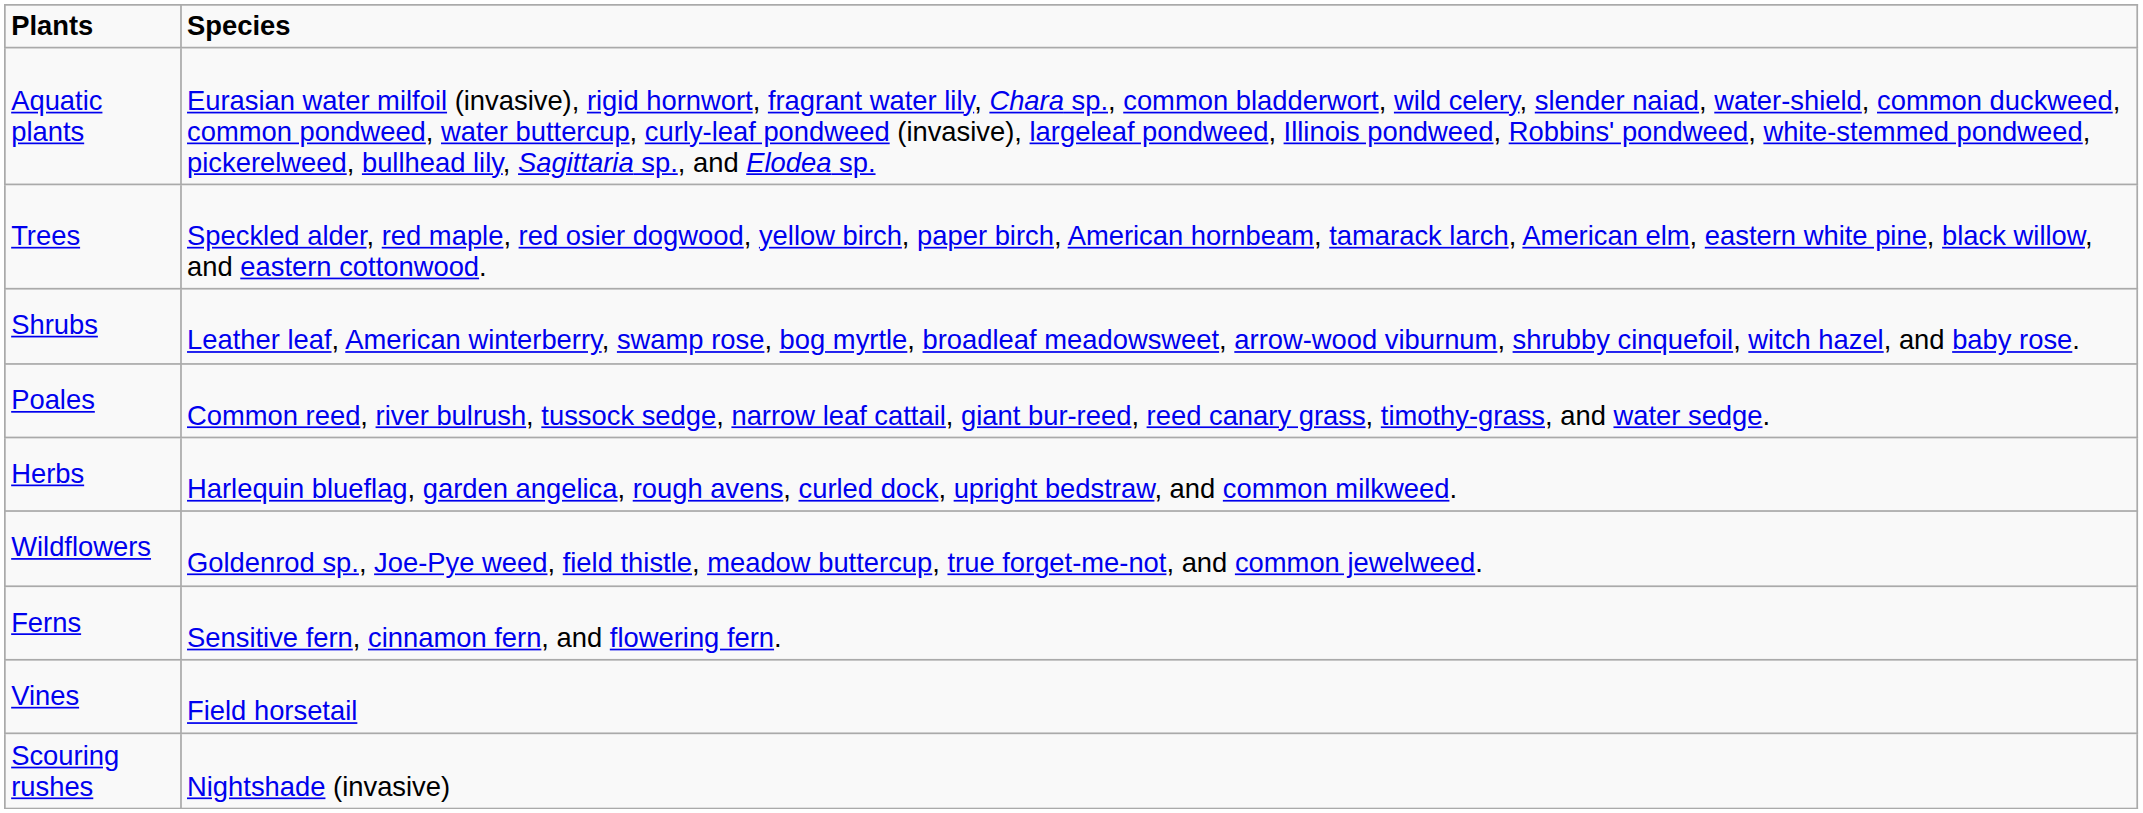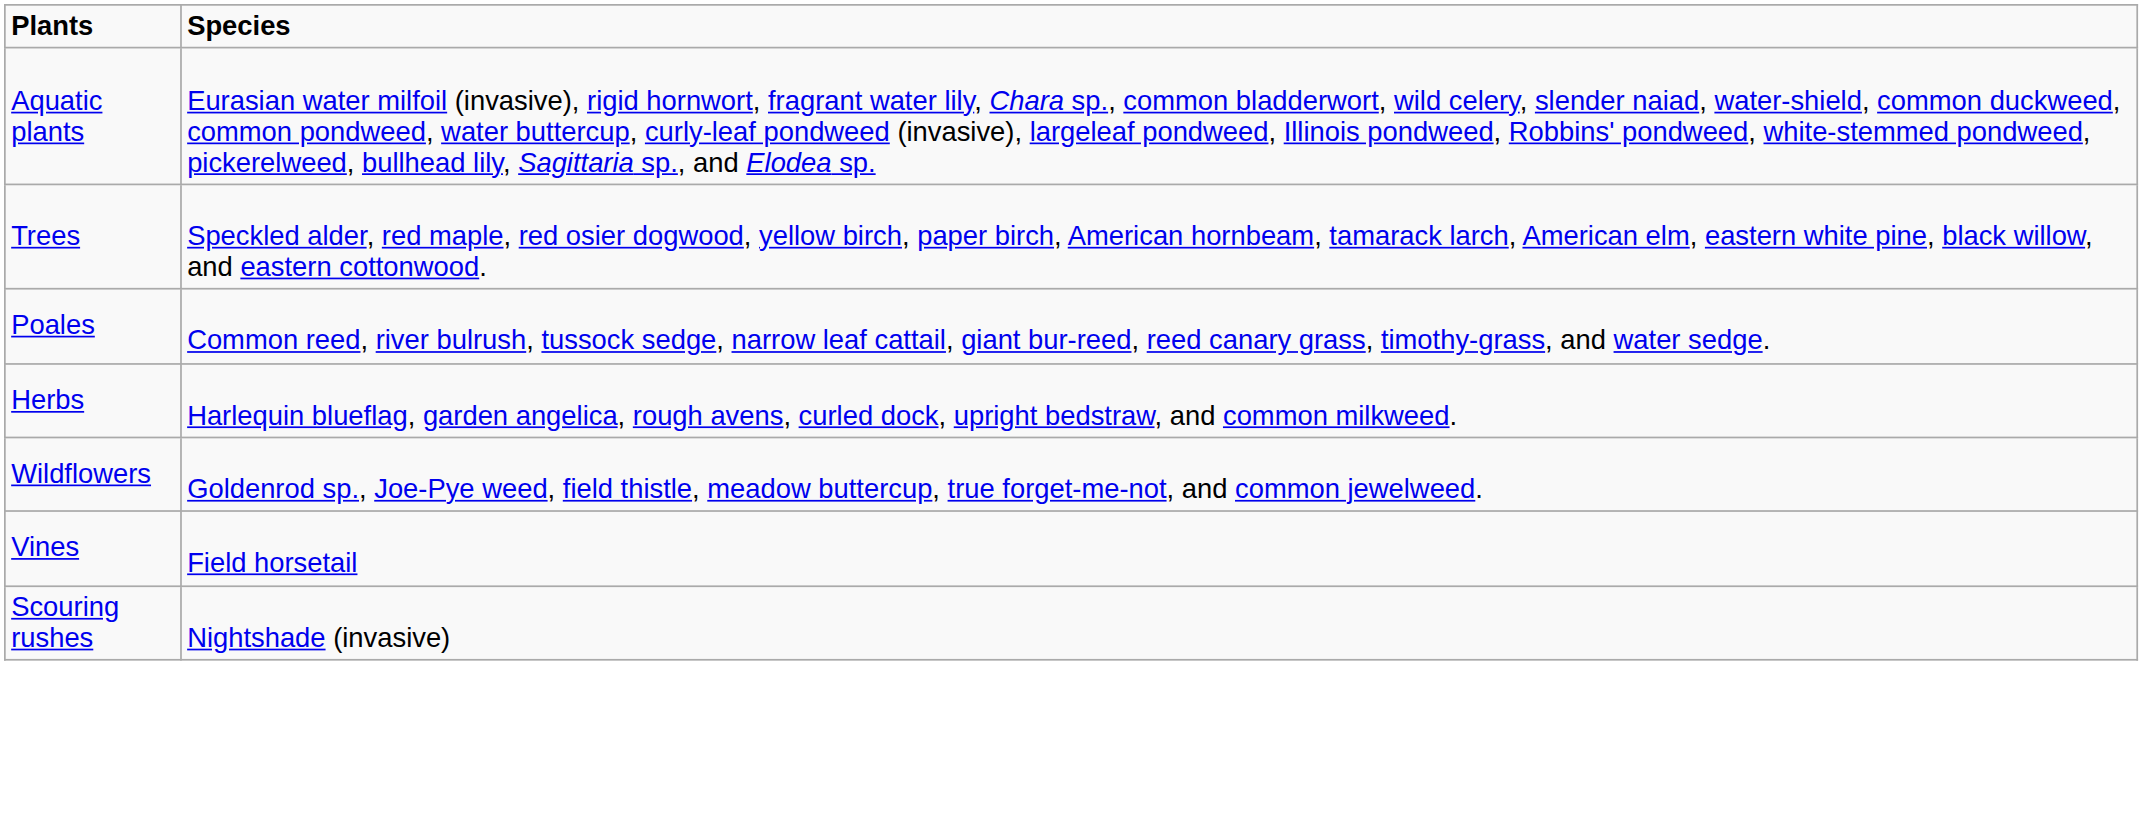 <table class=wikitable>
 <tr>
 <td><strong>Plants</strong></td>
 <td><strong>Species</strong></td>
 </tr>
 <tr>
 <td><a href='#'>Aquatic plants</a></td>
 <td><br><a href='#'>Eurasian water milfoil</a> (invasive), <a href='#'>rigid hornwort</a>,  <a href='#'>fragrant water lily</a>,  <a href='#'><em>Chara</em> sp.</a>,  <a href='#'>common bladderwort</a>,  <a href='#'>wild celery</a>,  <a href='#'>slender naiad</a>,  <a href='#'>water-shield</a>, <a href='#'>common duckweed</a>,  <a href='#'>common pondweed</a>,  <a href='#'>water buttercup</a>,  <a href='#'>curly-leaf pondweed</a> (invasive), <a href='#'>largeleaf pondweed</a>,  <a href='#'>Illinois pondweed</a>,  <a href='#'>Robbins' pondweed</a>,  <a href='#'>white-stemmed pondweed</a>, <a href='#'>pickerelweed</a>,   <a href='#'>bullhead lily</a>, <a href='#'><em>Sagittaria</em> sp.</a>, and  <a href='#'><em>Elodea</em> sp.</a></td>
 </tr>
 <tr>
 <td><a href='#'>Trees</a></td>
 <td><br><a href='#'>Speckled alder</a>, <a href='#'>red maple</a>, <a href='#'>red osier dogwood</a>,   <a href='#'>yellow birch</a>,  <a href='#'>paper birch</a>,  <a href='#'>American hornbeam</a>, <a href='#'>tamarack larch</a>,  <a href='#'>American elm</a>,  <a href='#'>eastern white pine</a>, <a href='#'>black willow</a>, and <a href='#'>eastern cottonwood</a>.</td>
 </tr>
 <tr>
-<td><a href='#'>Shrubs</a></td>
-<td><br><a href='#'>Leather leaf</a>, <a href='#'>American winterberry</a>,  <a href='#'>swamp rose</a>, <a href='#'>bog myrtle</a>,  <a href='#'>broadleaf meadowsweet</a>,  <a href='#'>arrow-wood viburnum</a>, <a href='#'>shrubby cinquefoil</a>, <a href='#'>witch hazel</a>, and <a href='#'>baby rose</a>.</td>
-</tr>
-<tr>
 <td><a href='#'>Poales</a></td>
 <td><br><a href='#'>Common reed</a>,  <a href='#'>river bulrush</a>,  <a href='#'>tussock sedge</a>,  <a href='#'>narrow leaf cattail</a>,  <a href='#'>giant bur-reed</a>, <a href='#'>reed canary grass</a>, <a href='#'>timothy-grass</a>, and  <a href='#'>water sedge</a>.</td>
 </tr>
 <tr>
 <td><a href='#'>Herbs</a></td>
 <td><br><a href='#'>Harlequin blueflag</a>, <a href='#'>garden angelica</a>, <a href='#'>rough avens</a>, <a href='#'>curled dock</a>, <a href='#'>upright bedstraw</a>, and <a href='#'>common milkweed</a>.</td>
 </tr>
 <tr>
 <td><a href='#'>Wildflowers</a></td>
 <td><br><a href='#'>Goldenrod sp.</a>, <a href='#'>Joe-Pye weed</a>, <a href='#'>field thistle</a>,  <a href='#'>meadow buttercup</a>, <a href='#'>true forget-me-not</a>, and  <a href='#'>common jewelweed</a>.</td>
 </tr>
 <tr>
-<td><a href='#'>Ferns</a></td>
-<td><br><a href='#'>Sensitive fern</a>,  <a href='#'>cinnamon fern</a>, and <a href='#'>flowering fern</a>.</td>
-</tr>
-<tr>
 <td><a href='#'>Vines</a></td>
 <td><br><a href='#'>Field horsetail</a></td>
 </tr>
 <tr>
 <td><a href='#'>Scouring rushes</a></td>
 <td><br><a href='#'>Nightshade</a> (invasive)</td>
 </tr>
 </table>
